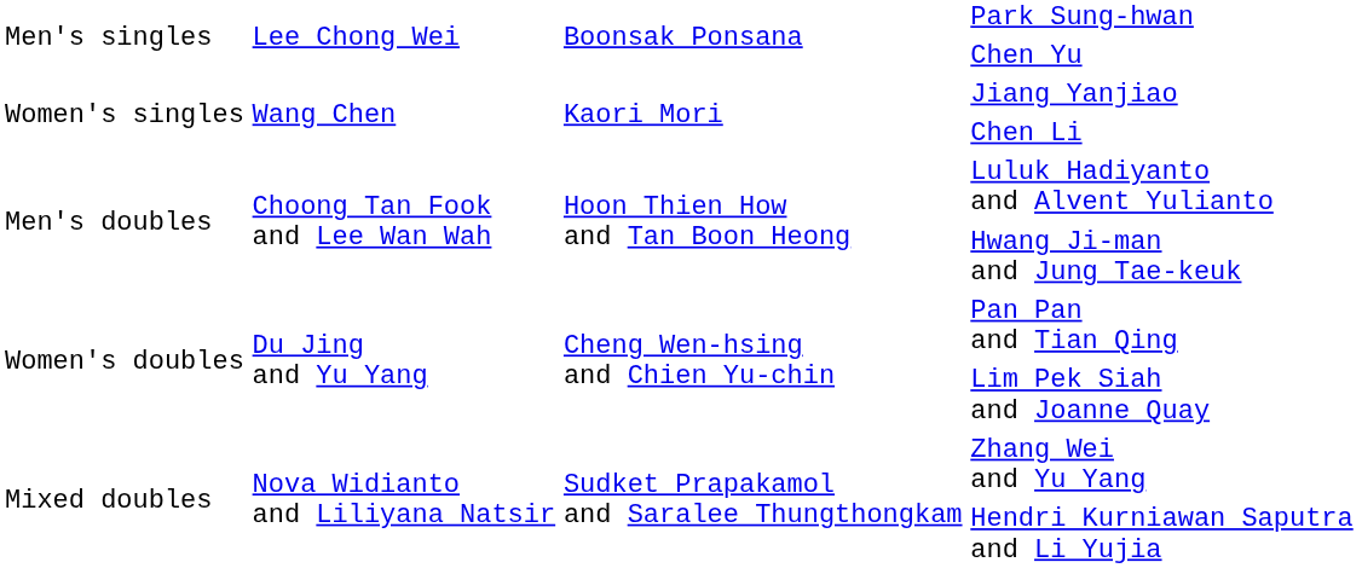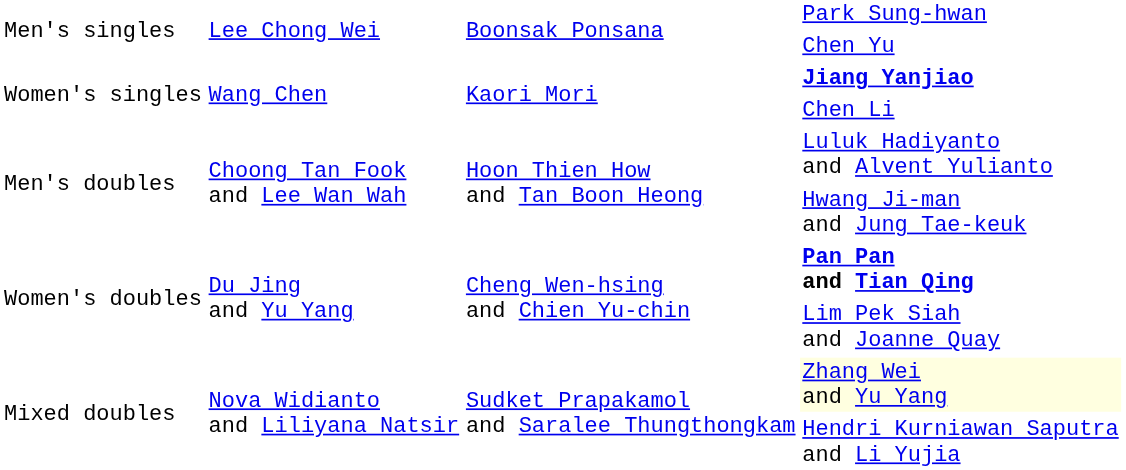 <table>
 <tr>
 <td rowspan=2>Men's singles</td>
 <td rowspan=2> <a href='#'>Lee Chong Wei</a></td>
 <td rowspan=2> <a href='#'>Boonsak Ponsana</a></td>
 <td> <a href='#'>Park Sung-hwan</a></td>
 </tr>
 <tr>
 <td> <a href='#'>Chen Yu</a></td>
 </tr>
 <tr>
 <td rowspan=2>Women's singles</td>
 <td rowspan=2> <a href='#'>Wang Chen</a></td>
 <td rowspan=2> <a href='#'>Kaori Mori</a></td>
-<td> <a href='#'>Jiang Yanjiao</a></td>
+<td><strong> <a href='#'>Jiang Yanjiao</a></strong></td>
 </tr>
 <tr>
 <td> <a href='#'>Chen Li</a></td>
 </tr>
 <tr>
 <td rowspan=2>Men's doubles</td>
 <td rowspan=2> <a href='#'>Choong Tan Fook</a><br>and <a href='#'>Lee Wan Wah</a></td>
 <td rowspan=2> <a href='#'>Hoon Thien How</a><br>and <a href='#'>Tan Boon Heong</a></td>
 <td> <a href='#'>Luluk Hadiyanto</a><br>and <a href='#'>Alvent Yulianto</a></td>
 </tr>
 <tr>
 <td> <a href='#'>Hwang Ji-man</a><br>and <a href='#'>Jung Tae-keuk</a></td>
 </tr>
 <tr>
 <td rowspan=2>Women's doubles</td>
 <td rowspan=2> <a href='#'>Du Jing</a><br>and <a href='#'>Yu Yang</a></td>
 <td rowspan=2> <a href='#'>Cheng Wen-hsing</a><br>and <a href='#'>Chien Yu-chin</a></td>
-<td> <a href='#'>Pan Pan</a><br>and <a href='#'>Tian Qing</a></td>
+<td><strong> <a href='#'>Pan Pan</a><br>and <a href='#'>Tian Qing</a></strong></td>
 </tr>
 <tr>
 <td> <a href='#'>Lim Pek Siah</a><br>and <a href='#'>Joanne Quay</a></td>
 </tr>
 <tr>
 <td rowspan=2>Mixed doubles</td>
 <td rowspan=2> <a href='#'>Nova Widianto</a><br>and <a href='#'>Liliyana Natsir</a></td>
 <td rowspan=2> <a href='#'>Sudket Prapakamol</a><br>and <a href='#'>Saralee Thungthongkam</a></td>
-<td> <a href='#'>Zhang Wei</a><br>and <a href='#'>Yu Yang</a></td>
+<td style="background: lightyellow;"> <a href='#'>Zhang Wei</a><br>and <a href='#'>Yu Yang</a></td>
 </tr>
 <tr>
 <td> <a href='#'>Hendri Kurniawan Saputra</a><br>and <a href='#'>Li Yujia</a></td>
 </tr>
 </table>
